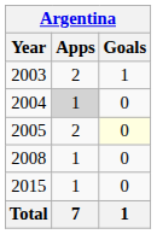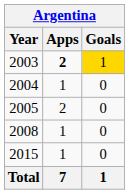 <table class="wikitable" style="text-align:center">
 <tr>
 <th colspan=5><a href='#'>Argentina</a></th>
 </tr>
 <tr>
 <th>Year</th>
 <th>Apps</th>
 <th>Goals</th>
 </tr>
 <tr>
 <td>2003</td>
-<td>2</td>
-<td>1</td>
+<td><strong>2</strong></td>
+<td style="background: gold;">1</td>
 </tr>
 <tr>
 <td>2004</td>
-<td style="background: lightgrey;">1</td>
+<td>1</td>
 <td>0</td>
 </tr>
 <tr>
 <td>2005</td>
 <td>2</td>
-<td style="background: lightyellow;">0</td>
+<td>0</td>
 </tr>
 <tr>
 <td>2008</td>
 <td>1</td>
 <td>0</td>
 </tr>
 <tr>
 <td>2015</td>
 <td>1</td>
 <td>0</td>
 </tr>
 <tr>
 <th>Total</th>
 <th>7</th>
 <th>1</th>
 </tr>
 </table>
